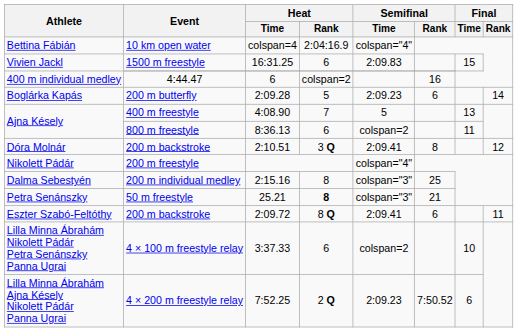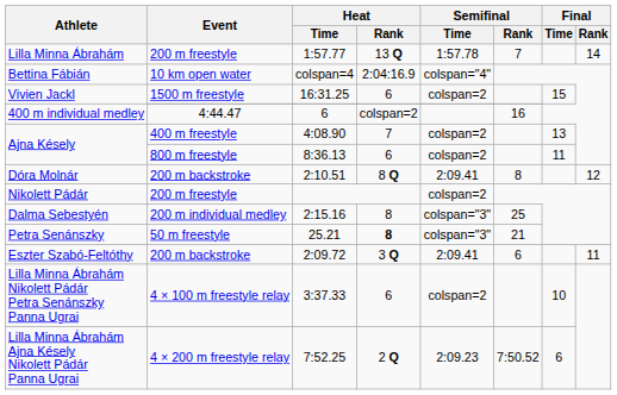 <table class=wikitable style="font-size:90%;">
 <tr>
 <th rowspan=2>Athlete</th>
 <th rowspan=2>Event</th>
 <th colspan=2>Heat</th>
 <th colspan=2>Semifinal</th>
 <th colspan=2>Final</th>
 </tr>
 <tr style="font-size:95%">
 <th>Time</th>
 <th>Rank</th>
 <th>Time</th>
 <th>Rank</th>
 <th>Time</th>
 <th>Rank</th>
 </tr>
 <tr align=center>
+<td align=left><a href='#'>Lilla Minna Ábrahám</a></td>
+<td align=left><a href='#'>200 m freestyle</a></td>
+<td>1:57.77</td>
+<td>13 <strong>Q</strong></td>
+<td>1:57.78</td>
+<td>7</td>
+<td></td>
+<td>14</td>
+</tr>
+<tr align=center>
 <td align=left><a href='#'>Bettina Fábián</a></td>
 <td align=left><a href='#'>10 km open water</a></td>
 <td>colspan=4 </td>
 <td>2:04:16.9</td>
 <td>colspan="4" </td>
 </tr>
 <tr align=center>
 <td align=left rowspan=2><a href='#'>Vivien Jackl</a></td>
 <td align=left><a href='#'>1500 m freestyle</a></td>
 <td>16:31.25</td>
 <td>6</td>
-<td>2:09.83</td>
+<td>colspan=2 </td>
 <td></td>
 <td>15</td>
 </tr>
 <tr>
 </tr>
 <tr align=center>
 <td align=left><a href='#'>400 m individual medley</a></td>
 <td>4:44.47</td>
 <td>6</td>
 <td>colspan=2 </td>
 <td></td>
 <td>16</td>
 </tr>
 <tr align=center>
-<td align=left><a href='#'>Boglárka Kapás</a></td>
-<td align=left><a href='#'>200 m butterfly</a></td>
-<td>2:09.28</td>
-<td>5</td>
-<td>2:09.23</td>
-<td>6</td>
-<td></td>
-<td>14</td>
-</tr>
-<tr align=center>
 <td align=left rowspan=2><a href='#'>Ajna Késely</a></td>
 <td align=left><a href='#'>400 m freestyle</a></td>
 <td>4:08.90</td>
 <td>7</td>
-<td>5</td>
+<td>colspan=2 </td>
 <td></td>
 <td>13</td>
 </tr>
 <tr align=center>
 <td align=left><a href='#'>800 m freestyle</a></td>
 <td>8:36.13</td>
 <td>6</td>
 <td>colspan=2 </td>
 <td></td>
 <td>11</td>
 </tr>
 <tr align=center>
 <td align=left><a href='#'>Dóra Molnár</a></td>
 <td align=left><a href='#'>200 m backstroke</a></td>
 <td>2:10.51</td>
-<td>3 <strong>Q</strong></td>
+<td>8 <strong>Q</strong></td>
 <td>2:09.41</td>
 <td>8</td>
 <td></td>
 <td>12</td>
 </tr>
 <tr align=center>
 <td align=left><a href='#'>Nikolett Pádár</a></td>
 <td align=left><a href='#'>200 m freestyle</a></td>
 <td colspan="2"></td>
-<td>colspan="4" </td>
+<td>colspan=2 </td>
 </tr>
 <tr align=center>
 <td align=left><a href='#'>Dalma Sebestyén</a></td>
 <td align=left><a href='#'>200 m individual medley</a></td>
 <td>2:15.16</td>
 <td>8</td>
 <td>colspan="3" </td>
 <td>25</td>
 </tr>
 <tr align=center>
 <td align=left><a href='#'>Petra Senánszky</a></td>
 <td align=left><a href='#'>50 m freestyle</a></td>
 <td>25.21</td>
 <td><strong>8</strong></td>
 <td>colspan="3" </td>
 <td>21</td>
 </tr>
 <tr align=center>
 <td align=left><a href='#'>Eszter Szabó-Feltóthy</a></td>
 <td align=left><a href='#'>200 m backstroke</a></td>
 <td>2:09.72</td>
-<td>8 <strong>Q</strong></td>
+<td>3 <strong>Q</strong></td>
 <td>2:09.41</td>
 <td>6</td>
 <td></td>
 <td>11</td>
 </tr>
 <tr align=center>
 <td align=left><a href='#'>Lilla Minna Ábrahám</a><br><a href='#'>Nikolett Pádár</a><br><a href='#'>Petra Senánszky</a><br><a href='#'>Panna Ugrai</a></td>
 <td align=left><a href='#'>4 × 100 m freestyle relay</a></td>
 <td>3:37.33</td>
 <td>6</td>
 <td>colspan=2 </td>
 <td></td>
 <td>10</td>
 </tr>
 <tr align=center>
 <td align=left><a href='#'>Lilla Minna Ábrahám</a><br><a href='#'>Ajna Késely</a><br><a href='#'>Nikolett Pádár</a><br><a href='#'>Panna Ugrai</a></td>
 <td align=left><a href='#'>4 × 200 m freestyle relay</a></td>
 <td>7:52.25</td>
 <td>2 <strong>Q</strong></td>
 <td>2:09.23</td>
 <td>7:50.52</td>
 <td>6</td>
 </tr>
 </table>
